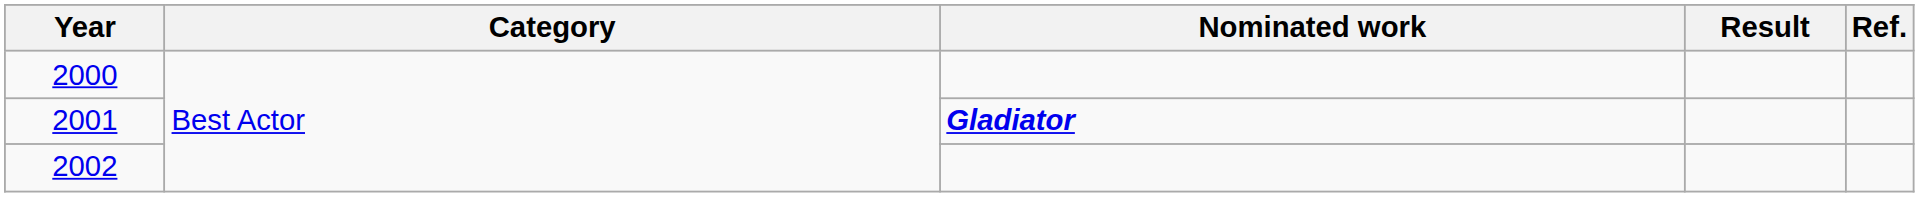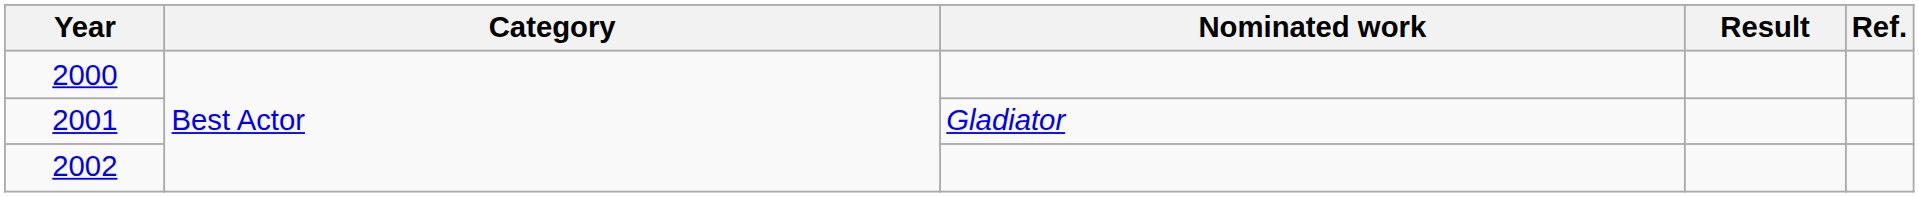 <table class=wikitable>
 <tr>
 <th scope="col" style="width:5em;">Year</th>
 <th scope="col" style="width:26em;">Category</th>
 <th scope="col" style="width:25em;">Nominated work</th>
 <th scope="col" style="width:5em;">Result</th>
 <th>Ref.</th>
 </tr>
 <tr>
 <td style="text-align:center;"><a href='#'>2000</a></td>
 <td rowspan="3"><a href='#'>Best Actor</a></td>
 <td><em></em></td>
 <td></td>
 <td></td>
 </tr>
 <tr>
 <td style="text-align:center;"><a href='#'>2001</a></td>
-<td><strong><em><a href='#'>Gladiator</a></em></strong></td>
+<td><em><a href='#'>Gladiator</a></em></td>
 <td></td>
 <td></td>
 </tr>
 <tr>
 <td style="text-align:center;"><a href='#'>2002</a></td>
 <td><em></em></td>
 <td></td>
 <td></td>
 </tr>
 </table>
